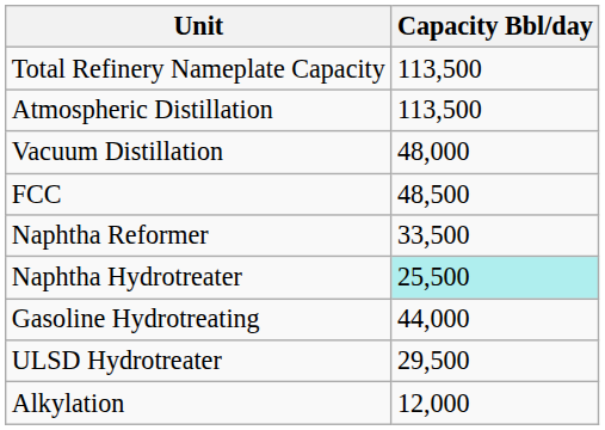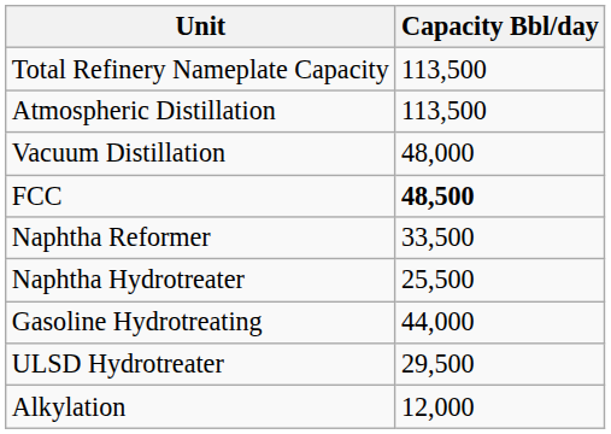 <table class="wikitable">
 <tr>
 <th>Unit</th>
 <th>Capacity Bbl/day</th>
 </tr>
 <tr>
 <td>Total Refinery Nameplate Capacity</td>
 <td>113,500</td>
 </tr>
 <tr>
 <td>Atmospheric Distillation</td>
 <td>113,500</td>
 </tr>
 <tr>
 <td>Vacuum Distillation</td>
 <td>48,000</td>
 </tr>
 <tr>
 <td>FCC</td>
-<td>48,500</td>
+<td><strong>48,500</strong></td>
 </tr>
 <tr>
 <td>Naphtha Reformer</td>
 <td>33,500</td>
 </tr>
 <tr>
 <td>Naphtha Hydrotreater</td>
-<td style="background: paleturquoise;">25,500</td>
+<td>25,500</td>
 </tr>
 <tr>
 <td>Gasoline Hydrotreating</td>
 <td>44,000</td>
 </tr>
 <tr>
 <td>ULSD Hydrotreater</td>
 <td>29,500</td>
 </tr>
 <tr>
 <td>Alkylation</td>
 <td>12,000</td>
 </tr>
 </table>
